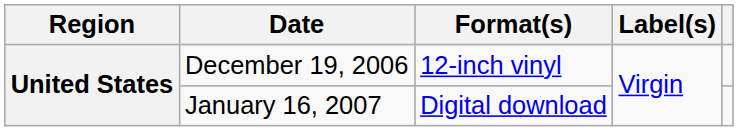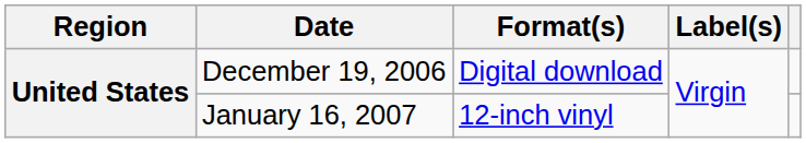 <table class="wikitable sortable plainrowheaders">
 <tr>
 <th scope="col">Region</th>
 <th scope="col">Date</th>
 <th scope="col">Format(s)</th>
 <th scope="col">Label(s)</th>
 <th scope="col"></th>
 </tr>
 <tr>
 <th scope="row" rowspan="2">United States</th>
 <td>December 19, 2006</td>
-<td><a href='#'>12-inch vinyl</a></td>
+<td><a href='#'>Digital download</a></td>
 <td rowspan="2"><a href='#'>Virgin</a></td>
 <td></td>
 </tr>
 <tr>
 <td>January 16, 2007</td>
-<td><a href='#'>Digital download</a></td>
+<td><a href='#'>12-inch vinyl</a></td>
 <td></td>
 </tr>
 </table>
